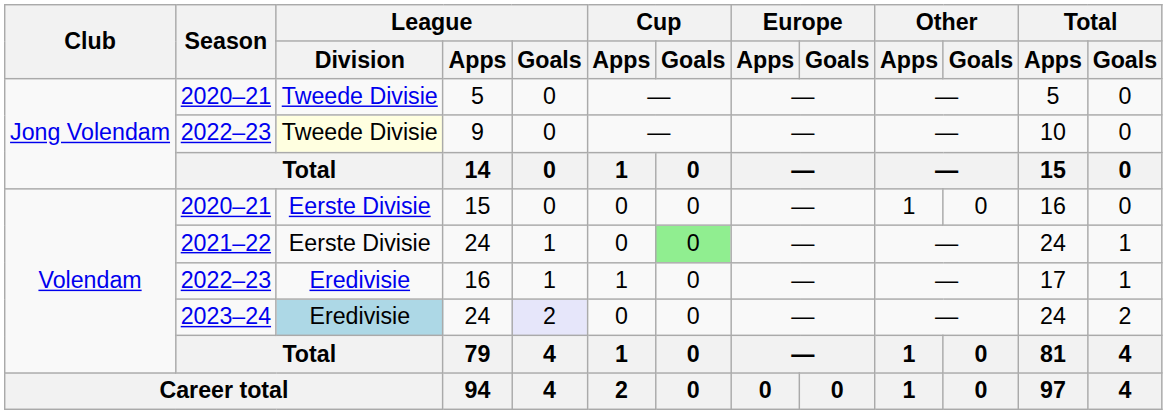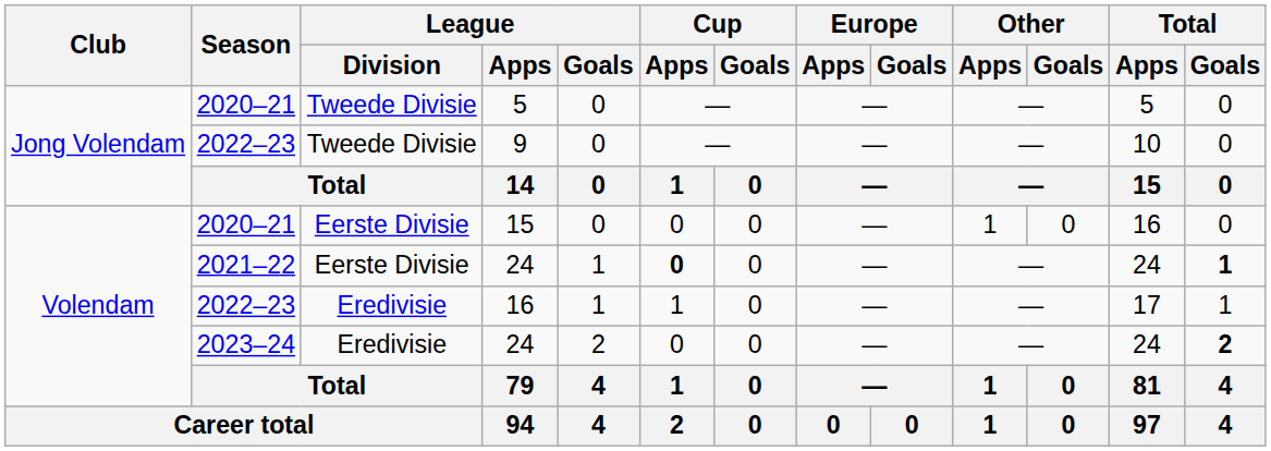 <table class="wikitable" style="text-align:center">
 <tr>
 <th rowspan="2">Club</th>
 <th rowspan="2">Season</th>
 <th colspan="3">League</th>
 <th colspan="2">Cup</th>
 <th colspan="2">Europe</th>
 <th colspan="2">Other</th>
 <th colspan="2">Total</th>
 </tr>
 <tr>
 <th>Division</th>
 <th>Apps</th>
 <th>Goals</th>
 <th>Apps</th>
 <th>Goals</th>
 <th>Apps</th>
 <th>Goals</th>
 <th>Apps</th>
 <th>Goals</th>
 <th>Apps</th>
 <th>Goals</th>
 </tr>
 <tr>
 <td rowspan="3"><a href='#'>Jong Volendam</a></td>
 <td><a href='#'>2020–21</a></td>
 <td><a href='#'>Tweede Divisie</a></td>
 <td>5</td>
 <td>0</td>
 <td colspan="2">—</td>
 <td colspan="2">—</td>
 <td colspan="2">—</td>
 <td>5</td>
 <td>0</td>
 </tr>
 <tr>
 <td><a href='#'>2022–23</a></td>
-<td style="background: lightyellow;">Tweede Divisie</td>
+<td>Tweede Divisie</td>
 <td>9</td>
 <td>0</td>
 <td colspan="2">—</td>
 <td colspan="2">—</td>
 <td colspan="2">—</td>
 <td>10</td>
 <td>0</td>
 </tr>
 <tr>
 <th colspan="2">Total</th>
 <th>14</th>
 <th>0</th>
 <th>1</th>
 <th>0</th>
 <th colspan="2">—</th>
 <th colspan="2">—</th>
 <th>15</th>
 <th>0</th>
 </tr>
 <tr>
 <td rowspan="5"><a href='#'>Volendam</a></td>
 <td><a href='#'>2020–21</a></td>
 <td><a href='#'>Eerste Divisie</a></td>
 <td>15</td>
 <td>0</td>
 <td>0</td>
 <td>0</td>
 <td colspan="2">—</td>
 <td>1</td>
 <td>0</td>
 <td>16</td>
 <td>0</td>
 </tr>
 <tr>
 <td><a href='#'>2021–22</a></td>
 <td>Eerste Divisie</td>
 <td>24</td>
 <td>1</td>
+<td><strong>0</strong></td>
 <td>0</td>
-<td style="background: lightgreen;">0</td>
 <td colspan="2">—</td>
 <td colspan="2">—</td>
 <td>24</td>
-<td>1</td>
+<td><strong>1</strong></td>
 </tr>
 <tr>
 <td><a href='#'>2022–23</a></td>
 <td><a href='#'>Eredivisie</a></td>
 <td>16</td>
 <td>1</td>
 <td>1</td>
 <td>0</td>
 <td colspan="2">—</td>
 <td colspan="2">—</td>
 <td>17</td>
 <td>1</td>
 </tr>
 <tr>
 <td><a href='#'>2023–24</a></td>
-<td style="background: lightblue;">Eredivisie</td>
+<td>Eredivisie</td>
 <td>24</td>
-<td style="background: lavender;">2</td>
+<td>2</td>
 <td>0</td>
 <td>0</td>
 <td colspan="2">—</td>
 <td colspan="2">—</td>
 <td>24</td>
-<td>2</td>
+<td><strong>2</strong></td>
 </tr>
 <tr>
 <th colspan="2">Total</th>
 <th>79</th>
 <th>4</th>
 <th>1</th>
 <th>0</th>
 <th colspan="2">—</th>
 <th>1</th>
 <th>0</th>
 <th>81</th>
 <th>4</th>
 </tr>
 <tr>
 <th colspan="3">Career total</th>
 <th>94</th>
 <th>4</th>
 <th>2</th>
 <th>0</th>
 <th>0</th>
 <th>0</th>
 <th>1</th>
 <th>0</th>
 <th>97</th>
 <th>4</th>
 </tr>
 </table>
